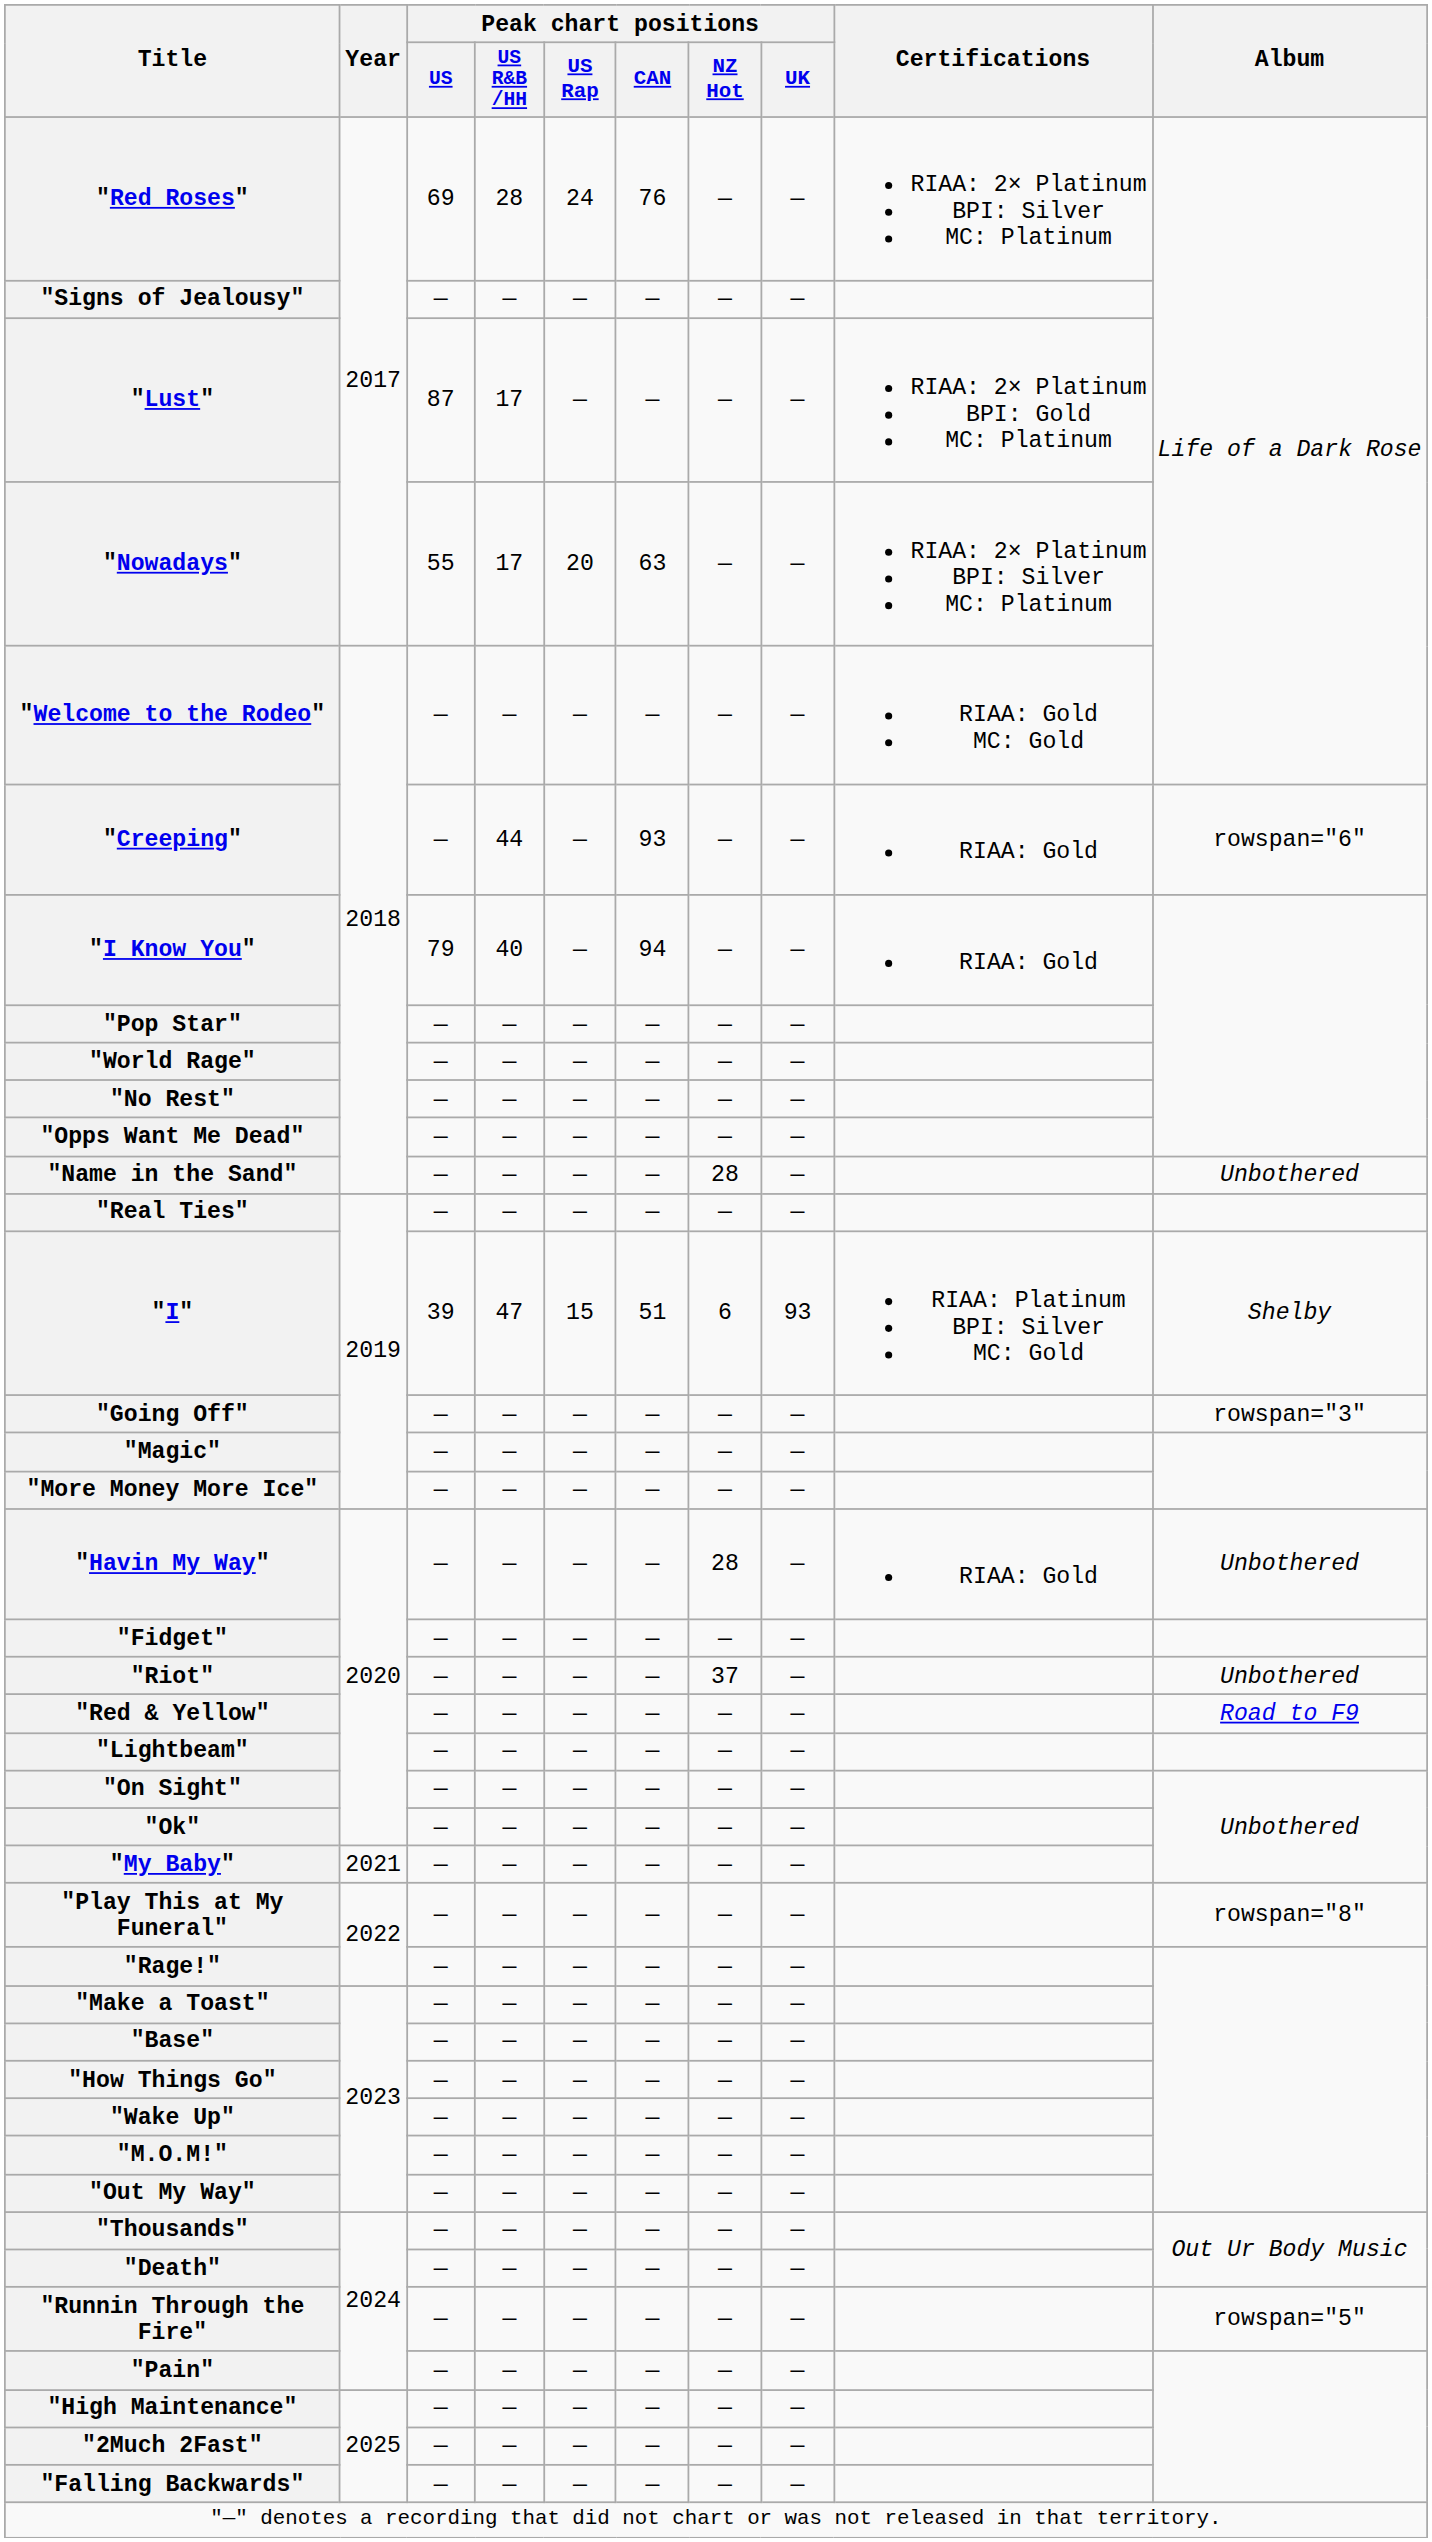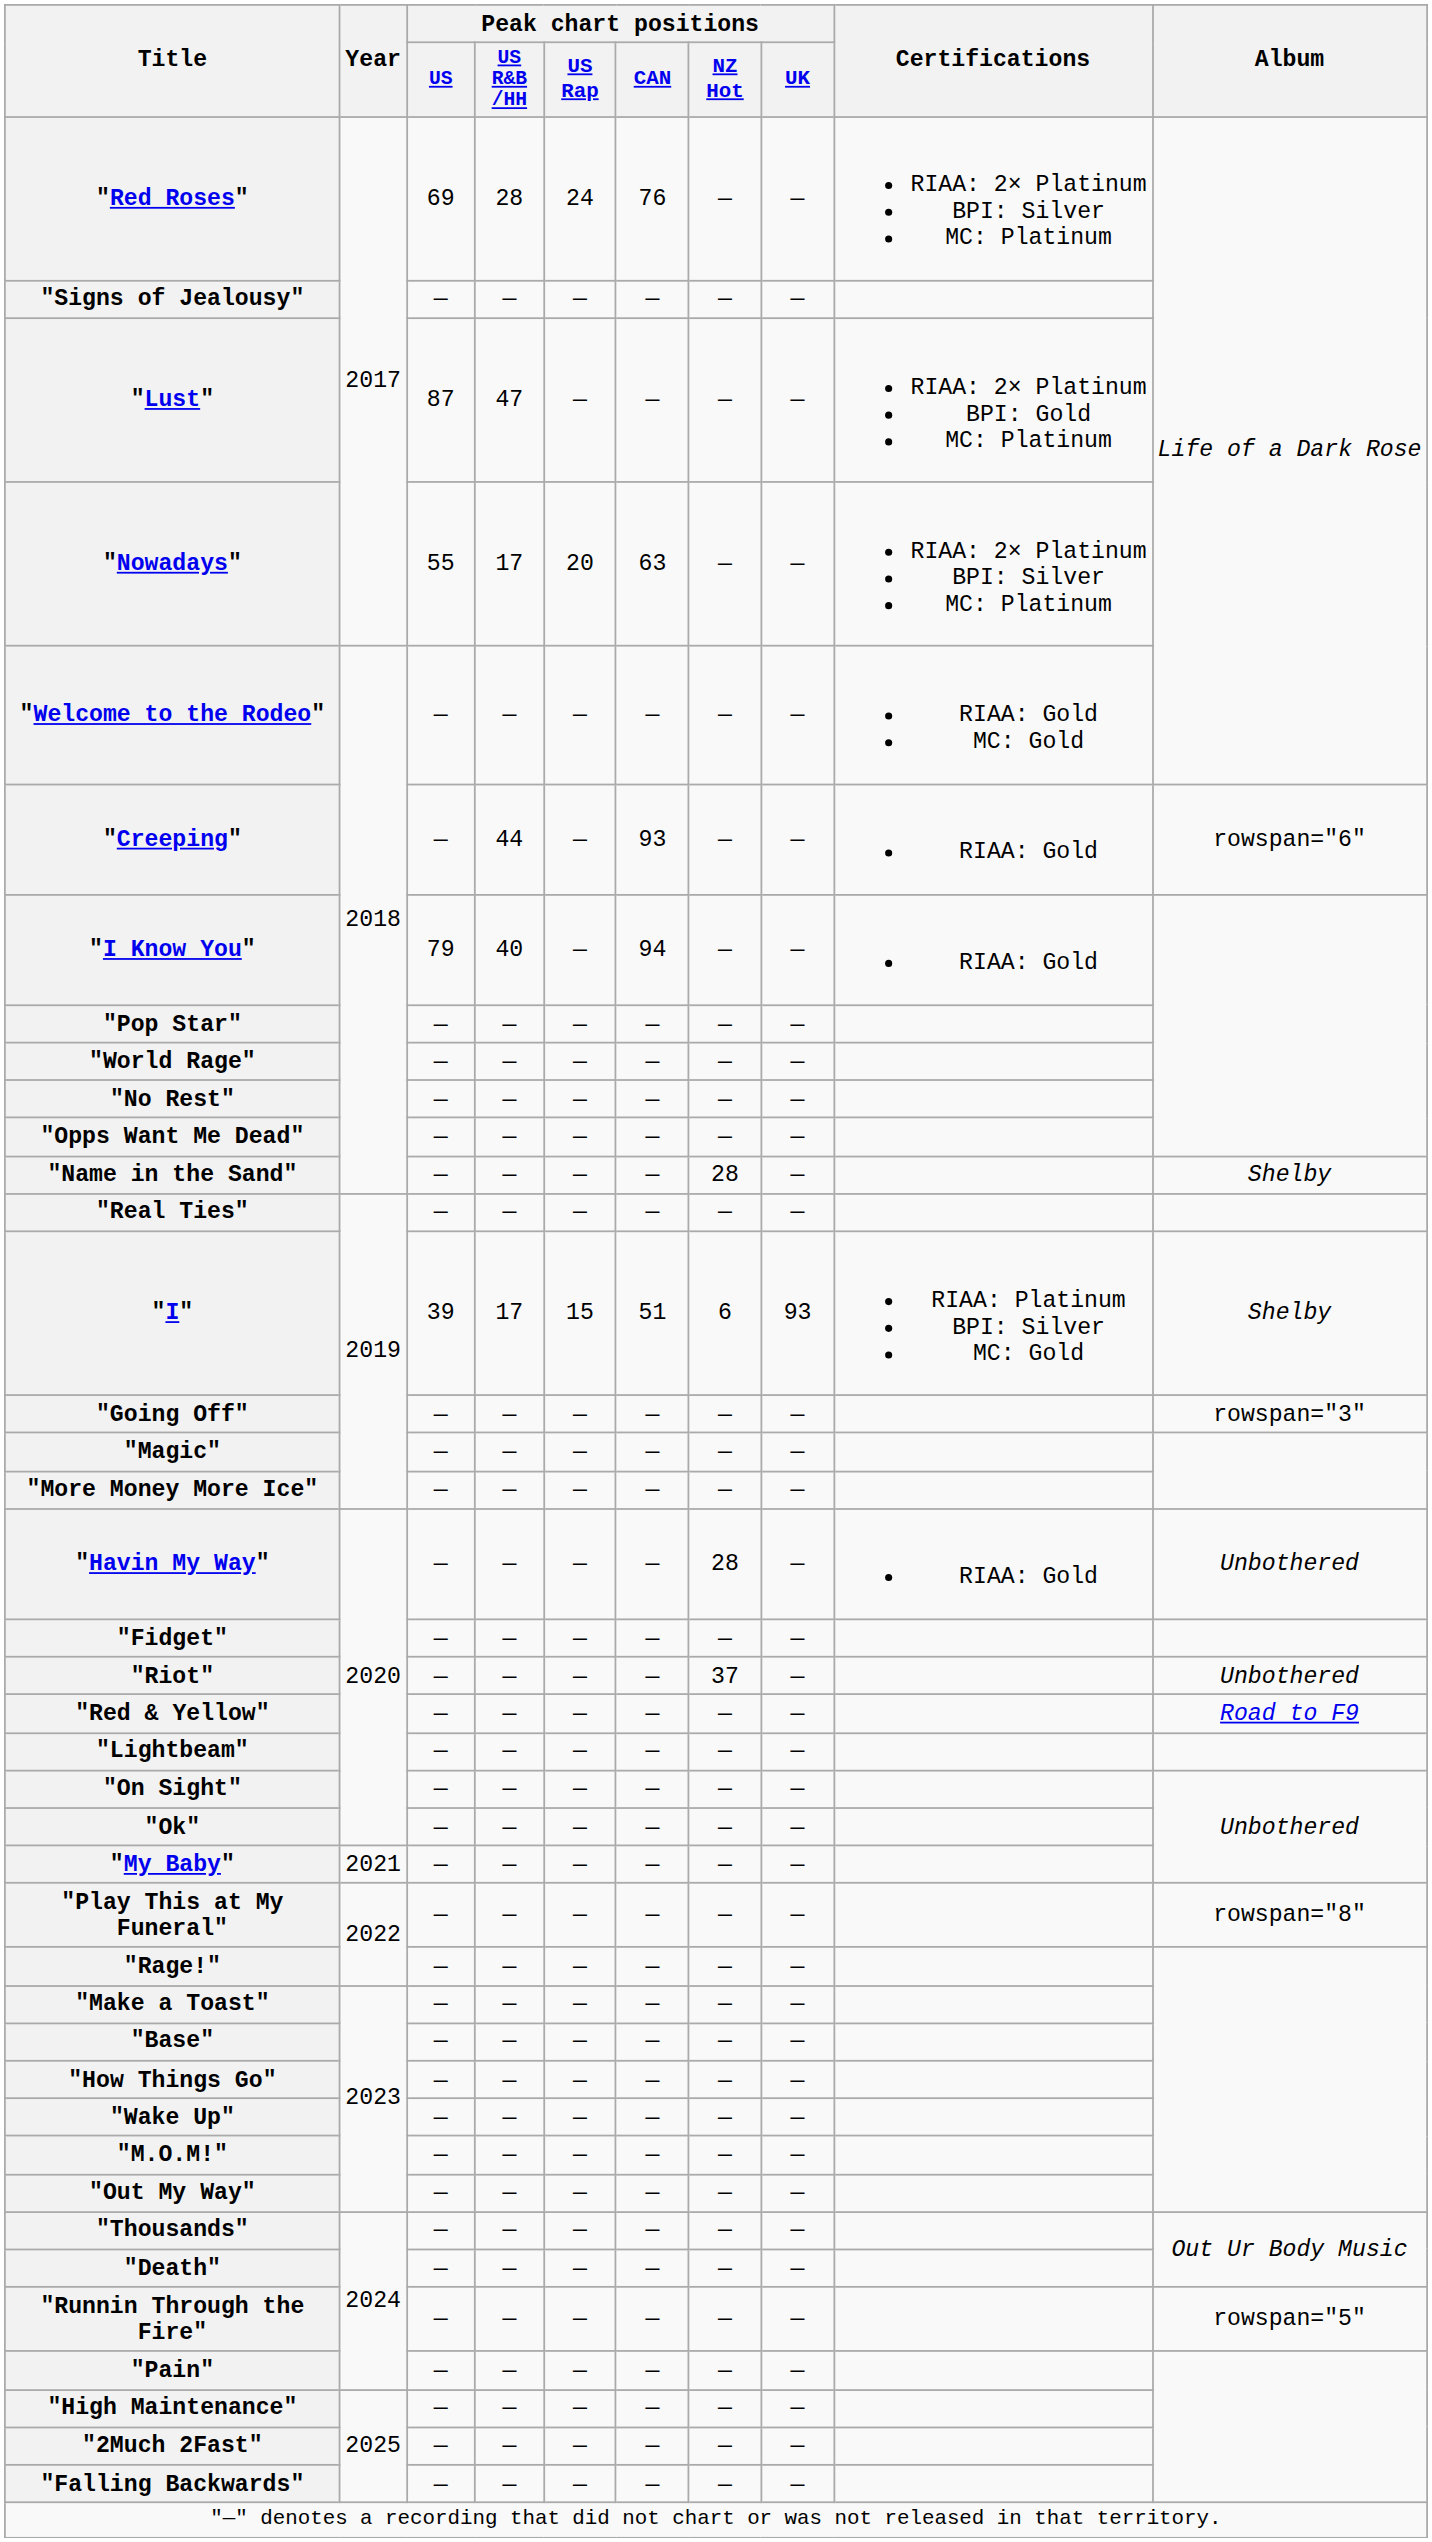 <table class="wikitable plainrowheaders" style="text-align:center;">
 <tr>
 <th scope="col" rowspan="2" style="width:14em;">Title</th>
 <th scope="col" rowspan="2" style="width:1em;">Year</th>
 <th scope="col" colspan="6">Peak chart positions</th>
 <th rowspan="2">Certifications</th>
 <th scope="col" rowspan="2">Album</th>
 </tr>
 <tr>
 <th scope="col" style="width:3em;font-size:85%;"><a href='#'>US</a><br></th>
 <th scope="col" style="width:3em;font-size:85%;"><a href='#'>US<br>R&B<br>/HH</a><br></th>
 <th scope="col" style="width:3em;font-size:90%;"><a href='#'>US<br>Rap</a><br></th>
 <th scope="col" style="width:3em;font-size:90%;"><a href='#'>CAN</a><br></th>
 <th scope="col" style="width:3em;font-size:90%;"><a href='#'>NZ<br>Hot</a><br></th>
 <th scope="col" style="width:3em;font-size:90%;"><a href='#'>UK</a><br></th>
 </tr>
 <tr>
 <th scope="row">"<a href='#'>Red Roses</a>"<br></th>
 <td rowspan="4">2017</td>
 <td>69</td>
 <td>28</td>
 <td>24</td>
 <td>76</td>
 <td>—</td>
 <td>—</td>
 <td><br><ul><li>RIAA: 2× Platinum</li><li>BPI: Silver</li><li>MC: Platinum</li></ul></td>
 <td rowspan="5"><em>Life of a Dark Rose</em></td>
 </tr>
 <tr>
 <th scope="row">"Signs of Jealousy"</th>
 <td>—</td>
 <td>—</td>
 <td>—</td>
 <td>—</td>
 <td>—</td>
 <td>—</td>
 </tr>
 <tr>
 <th scope="row">"<a href='#'>Lust</a>"</th>
 <td>87</td>
-<td>17</td>
+<td>47</td>
 <td>—</td>
 <td>—</td>
 <td>—</td>
 <td>—</td>
 <td><br><ul><li>RIAA: 2× Platinum</li><li>BPI: Gold</li><li>MC: Platinum</li></ul></td>
 </tr>
 <tr>
 <th scope="row">"<a href='#'>Nowadays</a>"<br></th>
 <td>55</td>
 <td>17</td>
 <td>20</td>
 <td>63</td>
 <td>—</td>
 <td>—</td>
 <td><br><ul><li>RIAA: 2× Platinum</li><li>BPI: Silver</li><li>MC: Platinum</li></ul></td>
 </tr>
 <tr>
 <th scope="row">"<a href='#'>Welcome to the Rodeo</a>"</th>
 <td rowspan="8">2018</td>
 <td>—</td>
 <td>—</td>
 <td>—</td>
 <td>—</td>
 <td>—</td>
 <td>—</td>
 <td><br><ul><li>RIAA: Gold</li><li>MC: Gold</li></ul></td>
 </tr>
 <tr>
 <th scope="row">"<a href='#'>Creeping</a>"<br></th>
 <td>—</td>
 <td>44</td>
 <td>—</td>
 <td>93</td>
 <td>—</td>
 <td>—</td>
 <td><br><ul><li>RIAA: Gold</li></ul></td>
 <td>rowspan="6" </td>
 </tr>
 <tr>
 <th scope="row">"<a href='#'>I Know You</a>"<br></th>
 <td>79</td>
 <td>40</td>
 <td>—</td>
 <td>94</td>
 <td>—</td>
 <td>—</td>
 <td><br><ul><li>RIAA: Gold</li></ul></td>
 </tr>
 <tr>
 <th scope="row">"Pop Star"</th>
 <td>—</td>
 <td>—</td>
 <td>—</td>
 <td>—</td>
 <td>—</td>
 <td>—</td>
 <td></td>
 </tr>
 <tr>
 <th scope="row">"World Rage"</th>
 <td>—</td>
 <td>—</td>
 <td>—</td>
 <td>—</td>
 <td>—</td>
 <td>—</td>
 <td></td>
 </tr>
 <tr>
 <th scope="row">"No Rest"</th>
 <td>—</td>
 <td>—</td>
 <td>—</td>
 <td>—</td>
 <td>—</td>
 <td>—</td>
 <td></td>
 </tr>
 <tr>
 <th scope="row">"Opps Want Me Dead"</th>
 <td>—</td>
 <td>—</td>
 <td>—</td>
 <td>—</td>
 <td>—</td>
 <td>—</td>
 <td></td>
 </tr>
 <tr>
 <th scope="row">"Name in the Sand"</th>
 <td>—</td>
 <td>—</td>
 <td>—</td>
 <td>—</td>
 <td>28</td>
 <td>—</td>
 <td></td>
-<td><em>Unbothered</em></td>
+<td><em>Shelby</em></td>
 </tr>
 <tr>
 <th scope="row">"Real Ties"</th>
 <td rowspan="5">2019</td>
 <td>—</td>
 <td>—</td>
 <td>—</td>
 <td>—</td>
 <td>—</td>
 <td>—</td>
 <td></td>
 <td></td>
 </tr>
 <tr>
 <th scope="row">"<a href='#'>I</a>"</th>
 <td>39</td>
-<td>47</td>
+<td>17</td>
 <td>15</td>
 <td>51</td>
 <td>6</td>
 <td>93</td>
 <td><br><ul><li>RIAA: Platinum</li><li>BPI: Silver</li><li>MC: Gold</li></ul></td>
 <td><em>Shelby</em></td>
 </tr>
 <tr>
 <th scope="row">"Going Off"</th>
 <td>—</td>
 <td>—</td>
 <td>—</td>
 <td>—</td>
 <td>—</td>
 <td>—</td>
 <td></td>
 <td>rowspan="3" </td>
 </tr>
 <tr>
 <th scope="row">"Magic"</th>
 <td>—</td>
 <td>—</td>
 <td>—</td>
 <td>—</td>
 <td>—</td>
 <td>—</td>
 <td></td>
 </tr>
 <tr>
 <th scope="row">"More Money More Ice"</th>
 <td>—</td>
 <td>—</td>
 <td>—</td>
 <td>—</td>
 <td>—</td>
 <td>—</td>
 <td></td>
 </tr>
 <tr>
 <th scope="row">"<a href='#'>Havin My Way</a>"<br></th>
 <td rowspan="7">2020</td>
 <td>—</td>
 <td>—</td>
 <td>—</td>
 <td>—</td>
 <td>28</td>
 <td>—</td>
 <td><br><ul><li>RIAA: Gold</li></ul></td>
 <td><em>Unbothered</em></td>
 </tr>
 <tr>
 <th scope="row">"Fidget"</th>
 <td>—</td>
 <td>—</td>
 <td>—</td>
 <td>—</td>
 <td>—</td>
 <td>—</td>
 <td></td>
 <td></td>
 </tr>
 <tr>
 <th scope="row">"Riot"</th>
 <td>—</td>
 <td>—</td>
 <td>—</td>
 <td>—</td>
 <td>37</td>
 <td>—</td>
 <td></td>
 <td><em>Unbothered</em></td>
 </tr>
 <tr>
 <th scope="row">"Red & Yellow"</th>
 <td>—</td>
 <td>—</td>
 <td>—</td>
 <td>—</td>
 <td>—</td>
 <td>—</td>
 <td></td>
 <td><em><a href='#'>Road to F9</a></em></td>
 </tr>
 <tr>
 <th scope="row">"Lightbeam"<br></th>
 <td>—</td>
 <td>—</td>
 <td>—</td>
 <td>—</td>
 <td>—</td>
 <td>—</td>
 <td></td>
 <td></td>
 </tr>
 <tr>
 <th scope="row">"On Sight"</th>
 <td>—</td>
 <td>—</td>
 <td>—</td>
 <td>—</td>
 <td>—</td>
 <td>—</td>
 <td></td>
 <td rowspan="3"><em>Unbothered</em></td>
 </tr>
 <tr>
 <th scope="row">"Ok"</th>
 <td>—</td>
 <td>—</td>
 <td>—</td>
 <td>—</td>
 <td>—</td>
 <td>—</td>
 <td></td>
 </tr>
 <tr>
 <th scope="row">"<a href='#'>My Baby</a>"<br></th>
 <td>2021</td>
 <td>—</td>
 <td>—</td>
 <td>—</td>
 <td>—</td>
 <td>—</td>
 <td>—</td>
 <td></td>
 </tr>
 <tr>
 <th scope="row">"Play This at My Funeral"<br></th>
 <td rowspan="2">2022</td>
 <td>—</td>
 <td>—</td>
 <td>—</td>
 <td>—</td>
 <td>—</td>
 <td>—</td>
 <td></td>
 <td>rowspan="8" </td>
 </tr>
 <tr>
 <th scope="row">"Rage!"</th>
 <td>—</td>
 <td>—</td>
 <td>—</td>
 <td>—</td>
 <td>—</td>
 <td>—</td>
 <td></td>
 </tr>
 <tr>
 <th scope="row">"Make a Toast"</th>
 <td rowspan="6">2023</td>
 <td>—</td>
 <td>—</td>
 <td>—</td>
 <td>—</td>
 <td>—</td>
 <td>—</td>
 <td></td>
 </tr>
 <tr>
 <th scope="row">"Base"</th>
 <td>—</td>
 <td>—</td>
 <td>—</td>
 <td>—</td>
 <td>—</td>
 <td>—</td>
 <td></td>
 </tr>
 <tr>
 <th scope="row">"How Things Go"</th>
 <td>—</td>
 <td>—</td>
 <td>—</td>
 <td>—</td>
 <td>—</td>
 <td>—</td>
 <td></td>
 </tr>
 <tr>
 <th scope="row">"Wake Up"</th>
 <td>—</td>
 <td>—</td>
 <td>—</td>
 <td>—</td>
 <td>—</td>
 <td>—</td>
 <td></td>
 </tr>
 <tr>
 <th scope="row">"M.O.M!"</th>
 <td>—</td>
 <td>—</td>
 <td>—</td>
 <td>—</td>
 <td>—</td>
 <td>—</td>
 <td></td>
 </tr>
 <tr>
 <th scope="row">"Out My Way"</th>
 <td>—</td>
 <td>—</td>
 <td>—</td>
 <td>—</td>
 <td>—</td>
 <td>—</td>
 <td></td>
 </tr>
 <tr>
 <th scope="row">"Thousands"</th>
 <td rowspan="4">2024</td>
 <td>—</td>
 <td>—</td>
 <td>—</td>
 <td>—</td>
 <td>—</td>
 <td>—</td>
 <td></td>
 <td rowspan="2"><em>Out Ur Body Music</em></td>
 </tr>
 <tr>
 <th scope="row">"Death"</th>
 <td>—</td>
 <td>—</td>
 <td>—</td>
 <td>—</td>
 <td>—</td>
 <td>—</td>
 <td></td>
 </tr>
 <tr>
 <th scope="row">"Runnin Through the Fire"</th>
 <td>—</td>
 <td>—</td>
 <td>—</td>
 <td>—</td>
 <td>—</td>
 <td>—</td>
 <td></td>
 <td>rowspan="5" </td>
 </tr>
 <tr>
 <th scope="row">"Pain"</th>
 <td>—</td>
 <td>—</td>
 <td>—</td>
 <td>—</td>
 <td>—</td>
 <td>—</td>
 <td></td>
 </tr>
 <tr>
 <th scope="row">"High Maintenance"</th>
 <td rowspan="3">2025</td>
 <td>—</td>
 <td>—</td>
 <td>—</td>
 <td>—</td>
 <td>—</td>
 <td>—</td>
 <td></td>
 </tr>
 <tr>
 <th scope="row">"2Much 2Fast"<br></th>
 <td>—</td>
 <td>—</td>
 <td>—</td>
 <td>—</td>
 <td>—</td>
 <td>—</td>
 <td></td>
 </tr>
 <tr>
 <th scope="row">"Falling Backwards"</th>
 <td>—</td>
 <td>—</td>
 <td>—</td>
 <td>—</td>
 <td>—</td>
 <td>—</td>
 <td></td>
 </tr>
 <tr>
 <td colspan="15" style="font-size:90%">"—" denotes a recording that did not chart or was not released in that territory.</td>
 </tr>
 </table>
